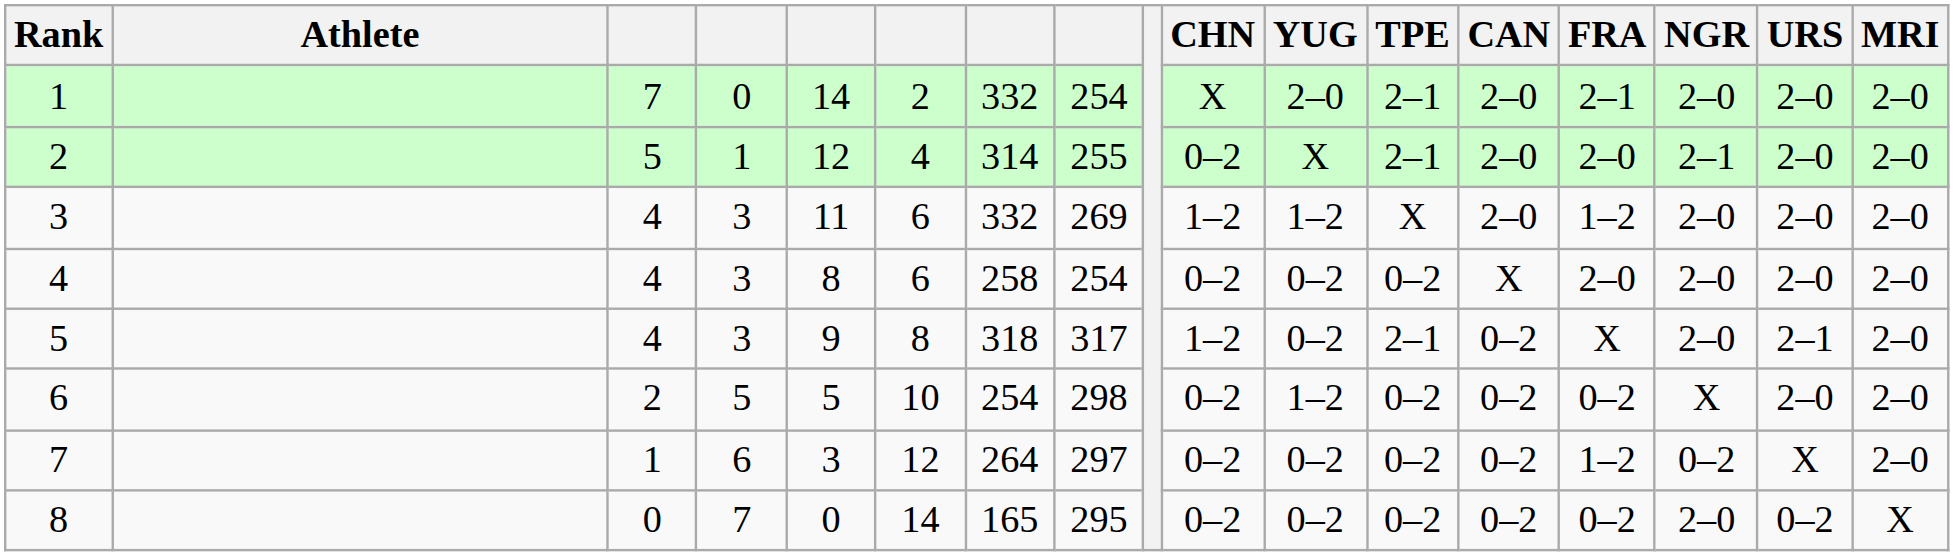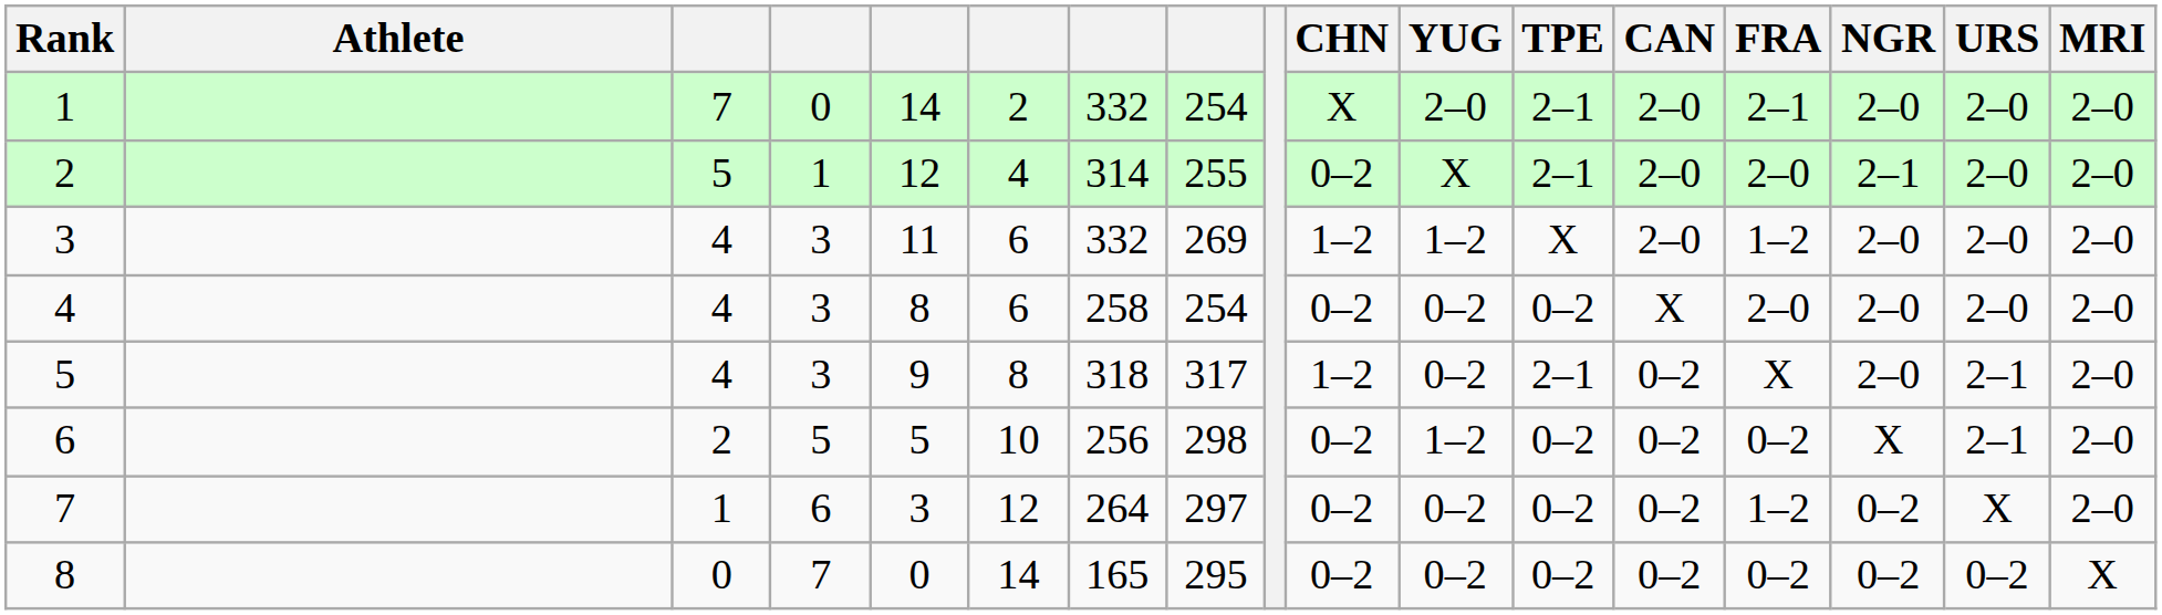 <table class="wikitable" style="text-align:center">
 <tr>
 <th>Rank</th>
 <th width=200>Athlete</th>
 <th width=30></th>
 <th width=30></th>
 <th width=30></th>
 <th width=30></th>
 <th width=30></th>
 <th width=30></th>
 <th rowspan=9></th>
 <th width=30>CHN</th>
 <th width=30>YUG</th>
 <th width=30>TPE</th>
 <th width=30>CAN</th>
 <th width=30>FRA</th>
 <th width=30>NGR</th>
 <th width=30>URS</th>
 <th width=30>MRI</th>
 </tr>
 <tr style="background-color:#ccffcc;">
 <td>1</td>
 <td align=left></td>
 <td>7</td>
 <td>0</td>
 <td>14</td>
 <td>2</td>
 <td>332</td>
 <td>254</td>
 <td>X</td>
 <td>2–0</td>
 <td>2–1</td>
 <td>2–0</td>
 <td>2–1</td>
 <td>2–0</td>
 <td>2–0</td>
 <td>2–0</td>
 </tr>
 <tr style="background-color:#ccffcc;">
 <td>2</td>
 <td align=left></td>
 <td>5</td>
 <td>1</td>
 <td>12</td>
 <td>4</td>
 <td>314</td>
 <td>255</td>
 <td>0–2</td>
 <td>X</td>
 <td>2–1</td>
 <td>2–0</td>
 <td>2–0</td>
 <td>2–1</td>
 <td>2–0</td>
 <td>2–0</td>
 </tr>
 <tr>
 <td>3</td>
 <td align=left></td>
 <td>4</td>
 <td>3</td>
 <td>11</td>
 <td>6</td>
 <td>332</td>
 <td>269</td>
 <td>1–2</td>
 <td>1–2</td>
 <td>X</td>
 <td>2–0</td>
 <td>1–2</td>
 <td>2–0</td>
 <td>2–0</td>
 <td>2–0</td>
 </tr>
 <tr>
 <td>4</td>
 <td align=left></td>
 <td>4</td>
 <td>3</td>
 <td>8</td>
 <td>6</td>
 <td>258</td>
 <td>254</td>
 <td>0–2</td>
 <td>0–2</td>
 <td>0–2</td>
 <td>X</td>
 <td>2–0</td>
 <td>2–0</td>
 <td>2–0</td>
 <td>2–0</td>
 </tr>
 <tr>
 <td>5</td>
 <td align=left></td>
 <td>4</td>
 <td>3</td>
 <td>9</td>
 <td>8</td>
 <td>318</td>
 <td>317</td>
 <td>1–2</td>
 <td>0–2</td>
 <td>2–1</td>
 <td>0–2</td>
 <td>X</td>
 <td>2–0</td>
 <td>2–1</td>
 <td>2–0</td>
 </tr>
 <tr>
 <td>6</td>
 <td align=left></td>
 <td>2</td>
 <td>5</td>
 <td>5</td>
 <td>10</td>
-<td>254</td>
+<td>256</td>
 <td>298</td>
 <td>0–2</td>
 <td>1–2</td>
 <td>0–2</td>
 <td>0–2</td>
 <td>0–2</td>
 <td>X</td>
-<td>2–0</td>
+<td>2–1</td>
 <td>2–0</td>
 </tr>
 <tr>
 <td>7</td>
 <td align=left></td>
 <td>1</td>
 <td>6</td>
 <td>3</td>
 <td>12</td>
 <td>264</td>
 <td>297</td>
 <td>0–2</td>
 <td>0–2</td>
 <td>0–2</td>
 <td>0–2</td>
 <td>1–2</td>
 <td>0–2</td>
 <td>X</td>
 <td>2–0</td>
 </tr>
 <tr>
 <td>8</td>
 <td align=left></td>
 <td>0</td>
 <td>7</td>
 <td>0</td>
 <td>14</td>
 <td>165</td>
 <td>295</td>
 <td>0–2</td>
 <td>0–2</td>
 <td>0–2</td>
 <td>0–2</td>
 <td>0–2</td>
-<td>2–0</td>
+<td>0–2</td>
 <td>0–2</td>
 <td>X</td>
 </tr>
 </table>
